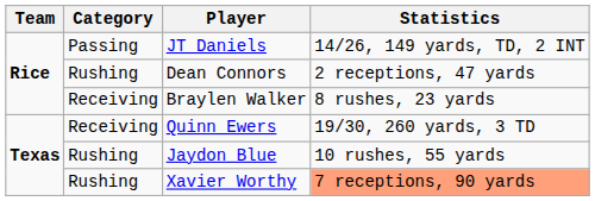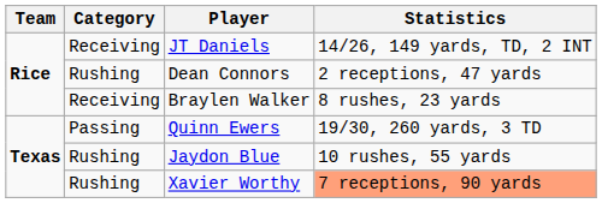 <table class="wikitable" style="float: right;">
 <tr>
 <th>Team</th>
 <th>Category</th>
 <th>Player</th>
 <th>Statistics</th>
 </tr>
 <tr>
 <td rowspan=3><strong>Rice</strong></td>
-<td>Passing</td>
+<td>Receiving</td>
 <td><a href='#'>JT Daniels</a></td>
 <td>14/26, 149 yards, TD, 2 INT</td>
 </tr>
 <tr>
 <td>Rushing</td>
 <td>Dean Connors</td>
 <td>2 receptions, 47 yards</td>
 </tr>
 <tr>
 <td>Receiving</td>
 <td>Braylen Walker</td>
 <td>8 rushes, 23 yards</td>
 </tr>
 <tr>
 <td rowspan=3><strong>Texas</strong></td>
-<td>Receiving</td>
+<td>Passing</td>
 <td><a href='#'>Quinn Ewers</a></td>
 <td>19/30, 260 yards, 3 TD</td>
 </tr>
 <tr>
 <td>Rushing</td>
 <td><a href='#'>Jaydon Blue</a></td>
 <td>10 rushes, 55 yards</td>
 </tr>
 <tr>
 <td>Rushing</td>
 <td><a href='#'>Xavier Worthy</a></td>
 <td style="background: lightsalmon;">7 receptions, 90 yards</td>
 </tr>
 </table>
